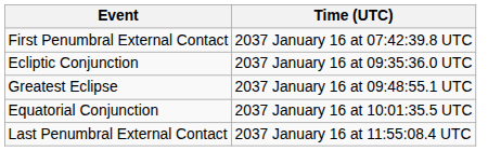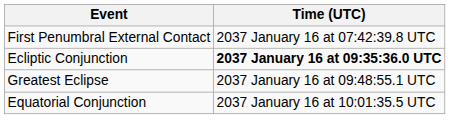 <table class="wikitable">
 <tr>
 <th>Event</th>
 <th>Time (UTC)</th>
 </tr>
 <tr>
 <td>First Penumbral External Contact</td>
 <td>2037 January 16 at 07:42:39.8 UTC</td>
 </tr>
 <tr>
 <td>Ecliptic Conjunction</td>
-<td>2037 January 16 at 09:35:36.0 UTC</td>
+<td><strong>2037 January 16 at 09:35:36.0 UTC</strong></td>
 </tr>
 <tr>
 <td>Greatest Eclipse</td>
 <td>2037 January 16 at 09:48:55.1 UTC</td>
 </tr>
 <tr>
 <td>Equatorial Conjunction</td>
 <td>2037 January 16 at 10:01:35.5 UTC</td>
 </tr>
-<tr>
-<td>Last Penumbral External Contact</td>
-<td>2037 January 16 at 11:55:08.4 UTC</td>
-</tr>
 </table>
